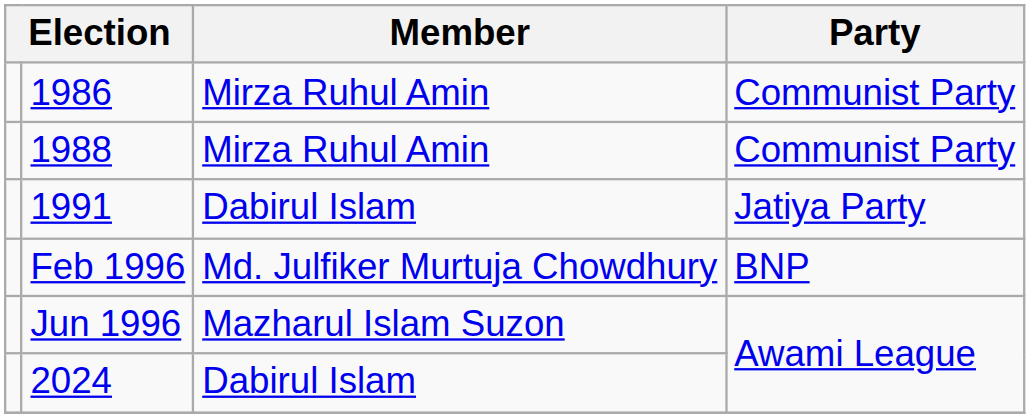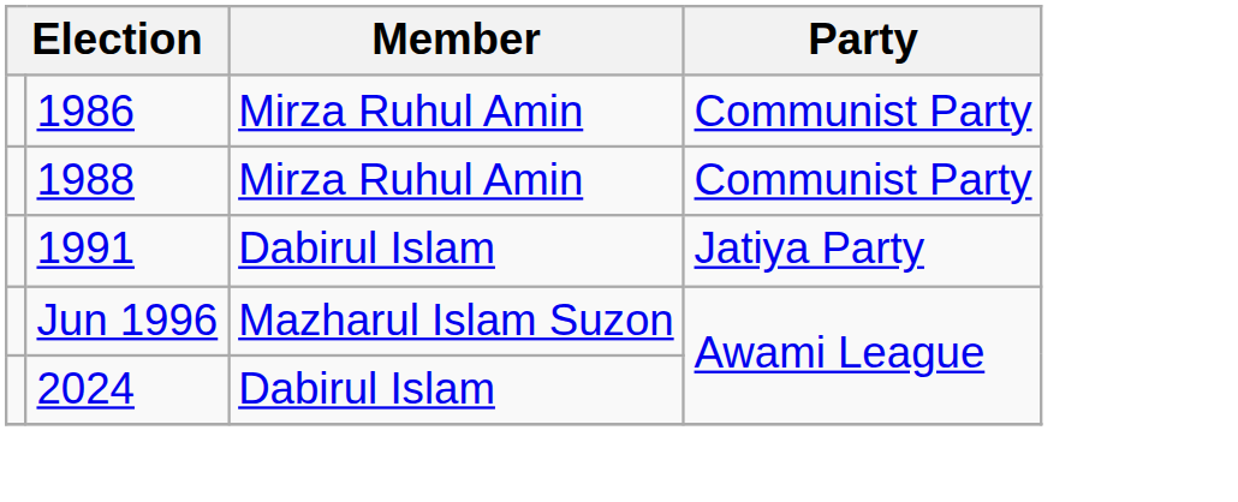 <table class="wikitable">
 <tr>
 <th colspan="2">Election</th>
 <th>Member</th>
 <th>Party</th>
 </tr>
 <tr>
 <td style="background-color:"></td>
 <td><a href='#'>1986</a></td>
 <td><a href='#'>Mirza Ruhul Amin</a></td>
 <td><a href='#'>Communist Party</a></td>
 </tr>
 <tr>
 <td style="background-color:"></td>
 <td><a href='#'>1988</a></td>
 <td><a href='#'>Mirza Ruhul Amin</a></td>
 <td><a href='#'>Communist Party</a></td>
 </tr>
 <tr>
 <td style="background-color:"></td>
 <td><a href='#'>1991</a></td>
 <td><a href='#'>Dabirul Islam</a></td>
 <td><a href='#'>Jatiya Party</a></td>
 </tr>
 <tr>
 <td style="background-color:"></td>
-<td><a href='#'>Feb 1996</a></td>
-<td><a href='#'>Md. Julfiker Murtuja Chowdhury</a></td>
-<td><a href='#'>BNP</a></td>
-</tr>
-<tr>
-<td style="background-color:"></td>
 <td><a href='#'>Jun 1996</a></td>
 <td><a href='#'>Mazharul Islam Suzon</a></td>
 <td rowspan="2"><a href='#'>Awami League</a></td>
 </tr>
 <tr>
 <td style="background-color:"></td>
 <td><a href='#'>2024</a></td>
 <td><a href='#'>Dabirul Islam</a></td>
 </tr>
 <tr>
 </tr>
 </table>
